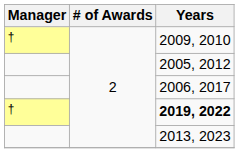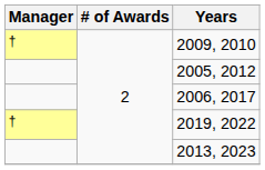 <table class="wikitable sortable plainrowheaders" style="text-align:center; text-align:center">
 <tr>
 <th scope="col">Manager</th>
 <th scope="col"># of Awards</th>
 <th scope="col">Years</th>
 </tr>
 <tr>
 <td bgcolor="#ffff99" align=left> <sup>†</sup></td>
 <td rowspan=5 style="text-align:center;">2</td>
 <td>2009, 2010</td>
 </tr>
 <tr>
 <td align=left> </td>
 <td>2005, 2012</td>
 </tr>
 <tr>
 <td align=left> </td>
 <td>2006, 2017</td>
 </tr>
 <tr>
 <td bgcolor="#ffff99" align=left> <sup>†</sup></td>
-<td><strong>2019, 2022</strong></td>
+<td>2019, 2022</td>
 </tr>
 <tr>
 <td align=left> </td>
 <td>2013, 2023</td>
 </tr>
 <tr>
 </tr>
 </table>
